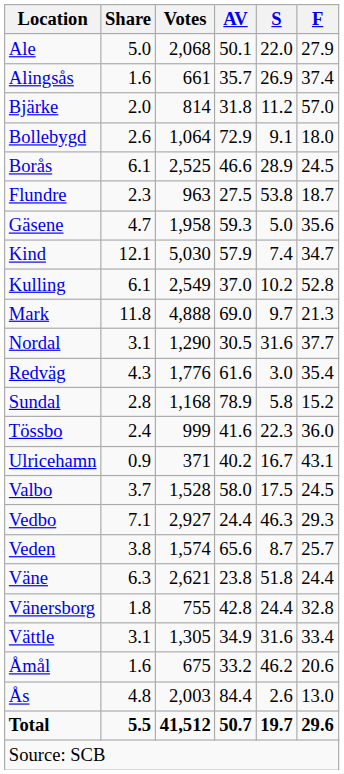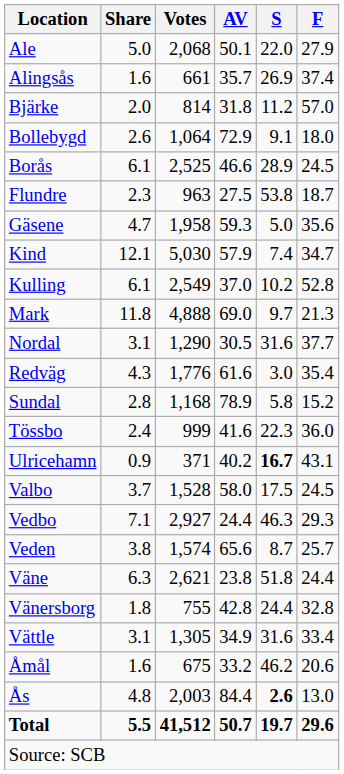 <table class="wikitable sortable" style=text-align:right>
 <tr>
 <th>Location</th>
 <th>Share</th>
 <th>Votes</th>
 <th><a href='#'>AV</a></th>
 <th><a href='#'>S</a></th>
 <th><a href='#'>F</a></th>
 </tr>
 <tr>
 <td align=left><a href='#'>Ale</a></td>
 <td>5.0</td>
 <td>2,068</td>
 <td>50.1</td>
 <td>22.0</td>
 <td>27.9</td>
 </tr>
 <tr>
 <td align=left><a href='#'>Alingsås</a></td>
 <td>1.6</td>
 <td>661</td>
 <td>35.7</td>
 <td>26.9</td>
 <td>37.4</td>
 </tr>
 <tr>
 <td align=left><a href='#'>Bjärke</a></td>
 <td>2.0</td>
 <td>814</td>
 <td>31.8</td>
 <td>11.2</td>
 <td>57.0</td>
 </tr>
 <tr>
 <td align=left><a href='#'>Bollebygd</a></td>
 <td>2.6</td>
 <td>1,064</td>
 <td>72.9</td>
 <td>9.1</td>
 <td>18.0</td>
 </tr>
 <tr>
 <td align=left><a href='#'>Borås</a></td>
 <td>6.1</td>
 <td>2,525</td>
 <td>46.6</td>
 <td>28.9</td>
 <td>24.5</td>
 </tr>
 <tr>
 <td align=left><a href='#'>Flundre</a></td>
 <td>2.3</td>
 <td>963</td>
 <td>27.5</td>
 <td>53.8</td>
 <td>18.7</td>
 </tr>
 <tr>
 <td align=left><a href='#'>Gäsene</a></td>
 <td>4.7</td>
 <td>1,958</td>
 <td>59.3</td>
 <td>5.0</td>
 <td>35.6</td>
 </tr>
 <tr>
 <td align=left><a href='#'>Kind</a></td>
 <td>12.1</td>
 <td>5,030</td>
 <td>57.9</td>
 <td>7.4</td>
 <td>34.7</td>
 </tr>
 <tr>
 <td align=left><a href='#'>Kulling</a></td>
 <td>6.1</td>
 <td>2,549</td>
 <td>37.0</td>
 <td>10.2</td>
 <td>52.8</td>
 </tr>
 <tr>
 <td align=left><a href='#'>Mark</a></td>
 <td>11.8</td>
 <td>4,888</td>
 <td>69.0</td>
 <td>9.7</td>
 <td>21.3</td>
 </tr>
 <tr>
 <td align=left><a href='#'>Nordal</a></td>
 <td>3.1</td>
 <td>1,290</td>
 <td>30.5</td>
 <td>31.6</td>
 <td>37.7</td>
 </tr>
 <tr>
 <td align=left><a href='#'>Redväg</a></td>
 <td>4.3</td>
 <td>1,776</td>
 <td>61.6</td>
 <td>3.0</td>
 <td>35.4</td>
 </tr>
 <tr>
 <td align=left><a href='#'>Sundal</a></td>
 <td>2.8</td>
 <td>1,168</td>
 <td>78.9</td>
 <td>5.8</td>
 <td>15.2</td>
 </tr>
 <tr>
 <td align=left><a href='#'>Tössbo</a></td>
 <td>2.4</td>
 <td>999</td>
 <td>41.6</td>
 <td>22.3</td>
 <td>36.0</td>
 </tr>
 <tr>
 <td align=left><a href='#'>Ulricehamn</a></td>
 <td>0.9</td>
 <td>371</td>
 <td>40.2</td>
-<td>16.7</td>
+<td><strong>16.7</strong></td>
 <td>43.1</td>
 </tr>
 <tr>
 <td align=left><a href='#'>Valbo</a></td>
 <td>3.7</td>
 <td>1,528</td>
 <td>58.0</td>
 <td>17.5</td>
 <td>24.5</td>
 </tr>
 <tr>
 <td align=left><a href='#'>Vedbo</a></td>
 <td>7.1</td>
 <td>2,927</td>
 <td>24.4</td>
 <td>46.3</td>
 <td>29.3</td>
 </tr>
 <tr>
 <td align=left><a href='#'>Veden</a></td>
 <td>3.8</td>
 <td>1,574</td>
 <td>65.6</td>
 <td>8.7</td>
 <td>25.7</td>
 </tr>
 <tr>
 <td align=left><a href='#'>Väne</a></td>
 <td>6.3</td>
 <td>2,621</td>
 <td>23.8</td>
 <td>51.8</td>
 <td>24.4</td>
 </tr>
 <tr>
 <td align=left><a href='#'>Vänersborg</a></td>
 <td>1.8</td>
 <td>755</td>
 <td>42.8</td>
 <td>24.4</td>
 <td>32.8</td>
 </tr>
 <tr>
 <td align=left><a href='#'>Vättle</a></td>
 <td>3.1</td>
 <td>1,305</td>
 <td>34.9</td>
 <td>31.6</td>
 <td>33.4</td>
 </tr>
 <tr>
 <td align=left><a href='#'>Åmål</a></td>
 <td>1.6</td>
 <td>675</td>
 <td>33.2</td>
 <td>46.2</td>
 <td>20.6</td>
 </tr>
 <tr>
 <td align=left><a href='#'>Ås</a></td>
 <td>4.8</td>
 <td>2,003</td>
 <td>84.4</td>
-<td>2.6</td>
+<td><strong>2.6</strong></td>
 <td>13.0</td>
 </tr>
 <tr>
 <td align=left><strong>Total</strong></td>
 <td><strong>5.5</strong></td>
 <td><strong>41,512</strong></td>
 <td><strong>50.7</strong></td>
 <td><strong>19.7</strong></td>
 <td><strong>29.6</strong></td>
 </tr>
 <tr>
 <td align=left colspan=6>Source: SCB </td>
 </tr>
 </table>
